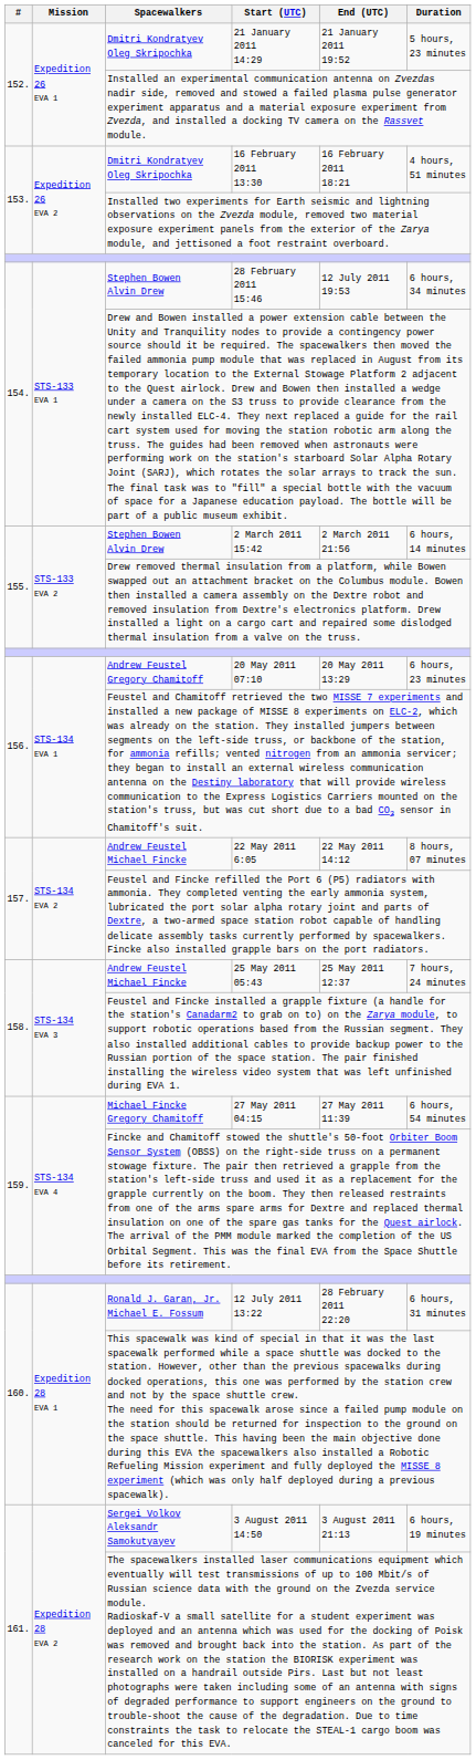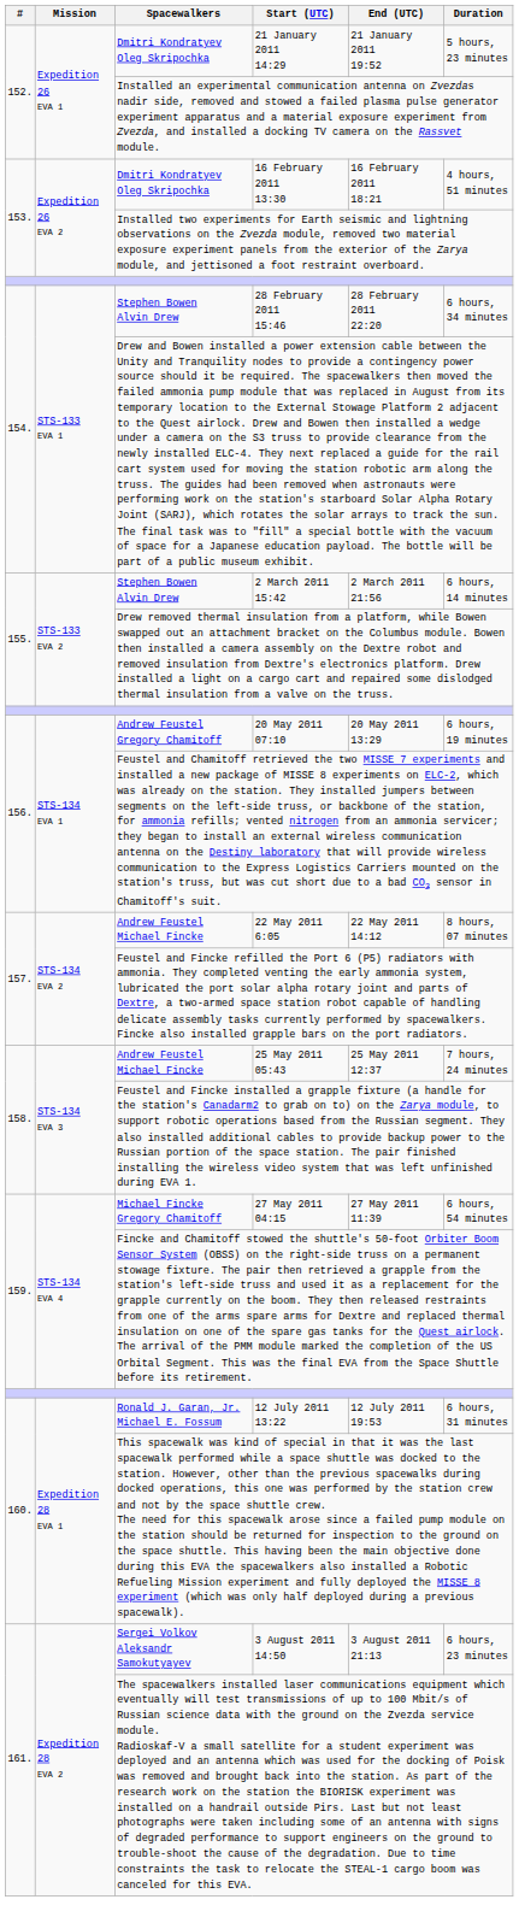 <table class="wikitable sortable sticky-header" style="font-size:0.95em; line-height:1.5em;">
 <tr>
 <th scope="col" width="25">#</th>
 <th scope="col" width="135">Mission</th>
 <th scope="col" width="360">Spacewalkers</th>
 <th scope="col" width="250">Start (<a href='#'>UTC</a>)</th>
 <th scope="col" width="250">End (UTC)</th>
 <th scope="col" width="125">Duration</th>
 </tr>
 <tr>
 <td scope="row" rowspan=2>152.</td>
 <td rowspan=2><a href='#'>Expedition 26</a><br><small>EVA 1</small><br></td>
 <td> <a href='#'>Dmitri Kondratyev</a><br> <a href='#'>Oleg Skripochka</a></td>
 <td>21 January 2011<br>14:29</td>
 <td>21 January 2011<br>19:52</td>
 <td>5 hours, 23 minutes</td>
 </tr>
 <tr>
 <td colspan=4>Installed an experimental communication antenna on <em>Zvezda</em>s nadir side, removed and stowed a failed plasma pulse generator experiment apparatus and a material exposure experiment from <em>Zvezda</em>, and installed a docking TV camera on the <em><a href='#'>Rassvet</a></em> module.</td>
 </tr>
 <tr>
 <td scope="row" rowspan=2>153.</td>
 <td rowspan=2><a href='#'>Expedition 26</a><br><small>EVA 2</small><br></td>
 <td> <a href='#'>Dmitri Kondratyev</a><br> <a href='#'>Oleg Skripochka</a></td>
 <td>16 February 2011<br>13:30</td>
 <td>16 February 2011<br>18:21</td>
 <td>4 hours, 51 minutes</td>
 </tr>
 <tr>
 <td colspan=4>Installed two experiments for Earth seismic and lightning observations on the <em>Zvezda</em> module, removed two material exposure experiment panels from the exterior of the <em>Zarya</em> module, and jettisoned a foot restraint overboard.</td>
 </tr>
 <tr>
 <td colspan=6 bgcolor=#ccccff height="5px"></td>
 </tr>
 <tr>
 <td scope="row" rowspan=2>154.</td>
 <td rowspan=2><a href='#'>STS-133</a><br><small>EVA 1</small><br></td>
 <td> <a href='#'>Stephen Bowen</a><br> <a href='#'>Alvin Drew</a></td>
 <td>28 February 2011<br>15:46</td>
-<td>12 July 2011<br>19:53</td>
+<td>28 February 2011<br>22:20</td>
 <td>6 hours, 34 minutes</td>
 </tr>
 <tr>
 <td colspan=4>Drew and Bowen installed a power extension cable between the Unity and Tranquility nodes to provide a contingency power source should it be required. The spacewalkers then moved the failed ammonia pump module that was replaced in August from its temporary location to the External Stowage Platform 2 adjacent to the Quest airlock. Drew and Bowen then installed a wedge under a camera on the S3 truss to provide clearance from the newly installed ELC-4. They next replaced a guide for the rail cart system used for moving the station robotic arm along the truss. The guides had been removed when astronauts were performing work on the station's starboard Solar Alpha Rotary Joint (SARJ), which rotates the solar arrays to track the sun. The final task was to "fill" a special bottle with the vacuum of space for a Japanese education payload. The bottle will be part of a public museum exhibit.</td>
 </tr>
 <tr>
 <td scope="row" rowspan=2>155.</td>
 <td rowspan=2><a href='#'>STS-133</a><br><small>EVA 2</small><br></td>
 <td> <a href='#'>Stephen Bowen</a><br> <a href='#'>Alvin Drew</a></td>
 <td>2 March 2011<br>15:42</td>
 <td>2 March 2011<br>21:56</td>
 <td>6 hours, 14 minutes</td>
 </tr>
 <tr>
 <td colspan=4>Drew removed thermal insulation from a platform, while Bowen swapped out an attachment bracket on the Columbus module. Bowen then installed a camera assembly on the Dextre robot and removed insulation from Dextre's electronics platform. Drew installed a light on a cargo cart and repaired some dislodged thermal insulation from a valve on the truss.</td>
 </tr>
 <tr>
 <td colspan=6 bgcolor=#ccccff height="5px"></td>
 </tr>
 <tr>
 <td scope="row" rowspan=2>156.</td>
 <td rowspan=2><a href='#'>STS-134</a><br><small>EVA 1</small></td>
 <td> <a href='#'>Andrew Feustel</a><br> <a href='#'>Gregory Chamitoff</a></td>
 <td>20 May 2011<br>07:10</td>
 <td>20 May 2011<br>13:29</td>
-<td>6 hours, 23 minutes</td>
+<td>6 hours, 19 minutes</td>
 </tr>
 <tr>
 <td colspan=4>Feustel and Chamitoff retrieved the two <a href='#'>MISSE 7 experiments</a> and installed a new package of MISSE 8 experiments on <a href='#'>ELC-2</a>, which was already on the station. They installed jumpers between segments on the left-side truss, or backbone of the station, for <a href='#'>ammonia</a> refills; vented <a href='#'>nitrogen</a> from an ammonia servicer; they began to install an external wireless communication antenna on the <a href='#'>Destiny laboratory</a> that will provide wireless communication to the Express Logistics Carriers mounted on the station's truss, but was cut short due to a bad <a href='#'>CO<sub>2</sub></a> sensor in Chamitoff's suit.</td>
 </tr>
 <tr>
 <td rowspan=2>157.</td>
 <td rowspan=2><a href='#'>STS-134</a><br><small>EVA 2</small></td>
 <td> <a href='#'>Andrew Feustel</a><br> <a href='#'>Michael Fincke</a></td>
 <td>22 May 2011<br>6:05</td>
 <td>22 May 2011<br>14:12</td>
 <td>8 hours, 07 minutes</td>
 </tr>
 <tr>
 <td colspan=4>Feustel and Fincke refilled the Port 6 (P5) radiators with ammonia. They completed venting the early ammonia system, lubricated the port solar alpha rotary joint and parts of <a href='#'>Dextre</a>, a two-armed space station robot capable of handling delicate assembly tasks currently performed by spacewalkers. Fincke also installed grapple bars on the port radiators.</td>
 </tr>
 <tr>
 <td rowspan=2>158.</td>
 <td rowspan=2><a href='#'>STS-134</a><br><small>EVA 3</small></td>
 <td> <a href='#'>Andrew Feustel</a><br> <a href='#'>Michael Fincke</a></td>
 <td>25 May 2011<br>05:43</td>
 <td>25 May 2011<br>12:37</td>
 <td>7 hours, 24 minutes</td>
 </tr>
 <tr>
 <td colspan=4>Feustel and Fincke installed a grapple fixture (a handle for the station's <a href='#'>Canadarm2</a> to grab on to) on the <a href='#'><em>Zarya</em> module</a>, to support robotic operations based from the Russian segment. They also installed additional cables to provide backup power to the Russian portion of the space station. The pair finished installing the wireless video system that was left unfinished during EVA 1.</td>
 </tr>
 <tr>
 <td rowspan=2>159.</td>
 <td rowspan=2><a href='#'>STS-134</a><br><small>EVA 4</small></td>
 <td> <a href='#'>Michael Fincke</a><br> <a href='#'>Gregory Chamitoff</a></td>
 <td>27 May 2011<br>04:15</td>
 <td>27 May 2011<br>11:39</td>
 <td>6 hours, 54 minutes</td>
 </tr>
 <tr>
 <td colspan=4>Fincke and Chamitoff stowed the shuttle's 50-foot <a href='#'>Orbiter Boom Sensor System</a> (OBSS) on the right-side truss on a permanent stowage fixture. The pair then retrieved a grapple from the station's left-side truss and used it as a replacement for the grapple currently on the boom. They then released restraints from one of the arms spare arms for Dextre and replaced thermal insulation on one of the spare gas tanks for the <a href='#'>Quest airlock</a>. The arrival of the PMM module marked the completion of the US Orbital Segment. This was the final EVA from the Space Shuttle before its retirement.</td>
 </tr>
 <tr>
 <td colspan=6 bgcolor=#ccccff height="5px"></td>
 </tr>
 <tr>
 <td rowspan=2>160.</td>
 <td rowspan=2><a href='#'>Expedition 28</a><br><small>EVA 1</small></td>
 <td> <a href='#'>Ronald J. Garan, Jr.</a><br> <a href='#'>Michael E. Fossum</a></td>
 <td>12 July 2011<br>13:22</td>
-<td>28 February 2011<br>22:20</td>
+<td>12 July 2011<br>19:53</td>
 <td>6 hours, 31 minutes</td>
 </tr>
 <tr>
 <td colspan=4>This spacewalk was kind of special in that it was the last spacewalk performed while a space shuttle was docked to the station. However, other than the previous spacewalks during docked operations, this one was performed by the station crew and not by the space shuttle crew.<br>The need for this spacewalk arose since a failed pump module on the station should be returned for inspection to the ground on the space shuttle. This having been the main objective done during this EVA the spacewalkers also installed a Robotic Refueling Mission experiment and fully deployed the <a href='#'>MISSE 8 experiment</a> (which was only half deployed during a previous spacewalk).</td>
 </tr>
 <tr>
 <td rowspan=2>161.</td>
 <td rowspan=2><a href='#'>Expedition 28</a><br><small>EVA 2</small><br></td>
 <td> <a href='#'>Sergei Volkov</a><br> <a href='#'>Aleksandr Samokutyayev</a></td>
 <td>3 August 2011<br>14:50</td>
 <td>3 August 2011<br>21:13</td>
-<td>6 hours, 19 minutes</td>
+<td>6 hours, 23 minutes</td>
 </tr>
 <tr>
 <td colspan=4>The spacewalkers installed laser communications equipment which eventually will test transmissions of up to 100 Mbit/s of Russian science data with the ground on the Zvezda service module.<br>Radioskaf-V a small satellite for a student experiment was deployed and an antenna which was used for the docking of Poisk was removed and brought back into the station. As part of the research work on the station the BIORISK experiment was installed on a handrail outside Pirs. Last but not least photographs were taken including some of an antenna with signs of degraded performance to support engineers on the ground to trouble-shoot the cause of the degradation. Due to time constraints the task to relocate the STEAL-1 cargo boom was canceled for this EVA.</td>
 </tr>
 </table>
